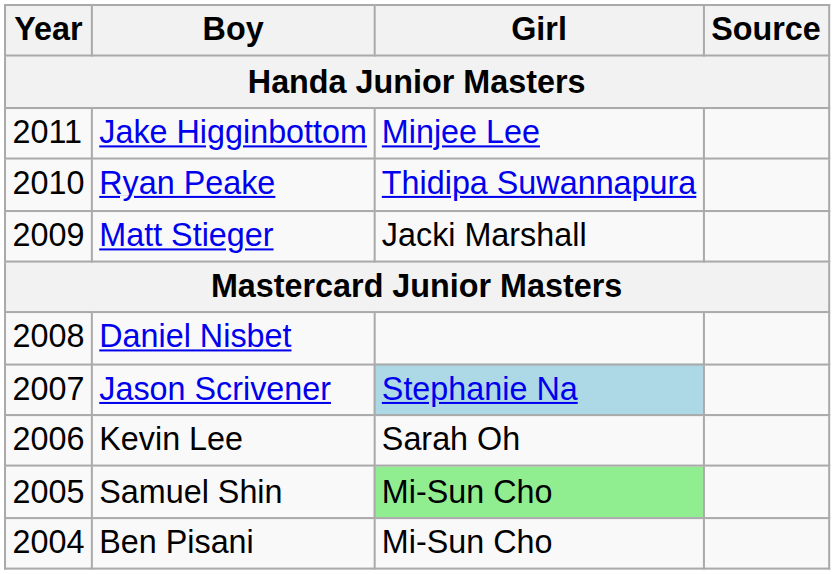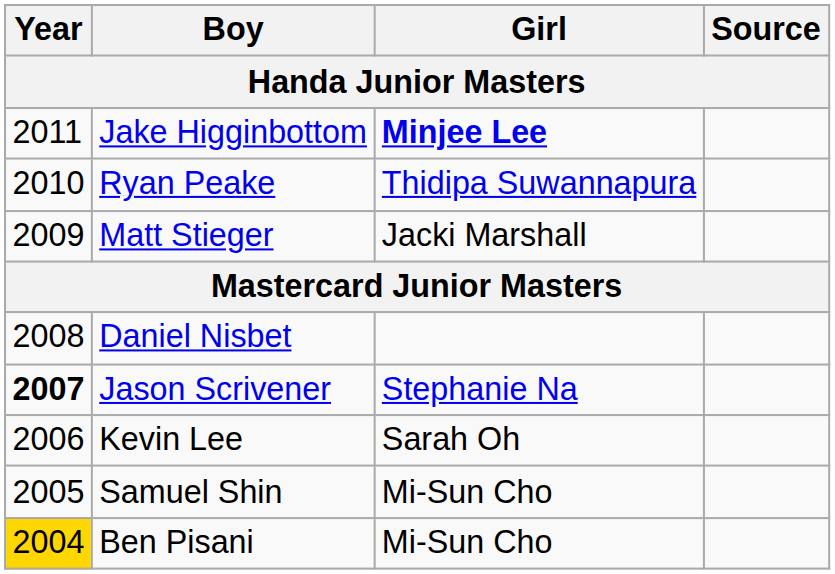 <table class="wikitable">
 <tr>
 <th>Year</th>
 <th>Boy</th>
 <th>Girl</th>
 <th>Source</th>
 </tr>
 <tr>
 <th colspan=4>Handa Junior Masters</th>
 </tr>
 <tr>
 <td>2011</td>
 <td> <a href='#'>Jake Higginbottom</a></td>
-<td> <a href='#'>Minjee Lee</a></td>
+<td><strong> <a href='#'>Minjee Lee</a></strong></td>
 <td></td>
 </tr>
 <tr>
 <td>2010</td>
 <td> <a href='#'>Ryan Peake</a></td>
 <td> <a href='#'>Thidipa Suwannapura</a></td>
 <td></td>
 </tr>
 <tr>
 <td>2009</td>
 <td> <a href='#'>Matt Stieger</a></td>
 <td> Jacki Marshall</td>
 <td></td>
 </tr>
 <tr>
 <th colspan=4>Mastercard Junior Masters</th>
 </tr>
 <tr>
 <td>2008</td>
 <td> <a href='#'>Daniel Nisbet</a></td>
 <td></td>
 <td></td>
 </tr>
 <tr>
-<td>2007</td>
+<td><strong>2007</strong></td>
 <td> <a href='#'>Jason Scrivener</a></td>
-<td style="background: lightblue;"> <a href='#'>Stephanie Na</a></td>
+<td> <a href='#'>Stephanie Na</a></td>
 <td></td>
 </tr>
 <tr>
 <td>2006</td>
 <td> Kevin Lee</td>
 <td> Sarah Oh</td>
 <td></td>
 </tr>
 <tr>
 <td>2005</td>
 <td> Samuel Shin</td>
-<td style="background: lightgreen;"> Mi-Sun Cho</td>
+<td> Mi-Sun Cho</td>
 <td></td>
 </tr>
 <tr>
-<td>2004</td>
+<td style="background: gold;">2004</td>
 <td> Ben Pisani</td>
 <td> Mi-Sun Cho</td>
 <td></td>
 </tr>
 </table>
